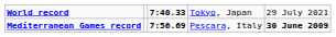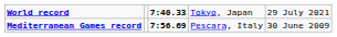 <table class="wikitable">
 <tr>
 <td><strong><a href='#'>World record</a></strong></td>
 <td></td>
 <td><strong>7:40.33</strong></td>
 <td><a href='#'>Tokyo</a>, Japan</td>
 <td>29 July 2021</td>
 </tr>
 <tr>
 <td><strong><a href='#'>Mediterranean Games record</a></strong></td>
 <td></td>
 <td><strong>7:56.69</strong></td>
 <td><a href='#'>Pescara</a>, Italy</td>
-<td><strong>30 June 2009</strong></td>
+<td>30 June 2009</td>
 </tr>
 </table>
